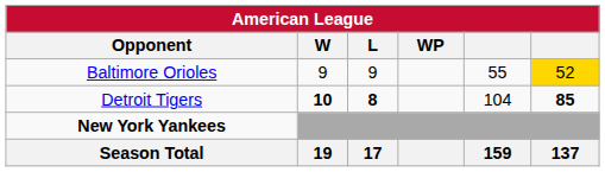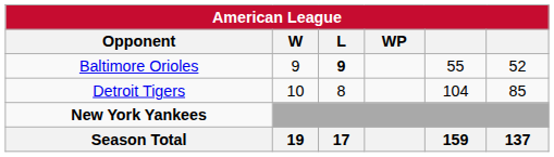 <table class="wikitable" style="margin:1em auto; font-size:95%; text-align:center; width:35em;">
 <tr>
 <th colspan="7" style="background:#c60c30; color:#ffffff;">American League</th>
 </tr>
 <tr>
 <th>Opponent</th>
 <th>W</th>
 <th>L</th>
 <th>WP</th>
 <th></th>
 <th></th>
 </tr>
 <tr>
 <td><a href='#'>Baltimore Orioles</a></td>
 <td>9</td>
-<td>9</td>
+<td><strong>9</strong></td>
 <td></td>
 <td>55</td>
-<td style="background: gold;">52</td>
+<td>52</td>
 </tr>
 <tr>
 <td><a href='#'>Detroit Tigers</a></td>
-<td><strong>10</strong></td>
-<td><strong>8</strong></td>
+<td>10</td>
+<td>8</td>
 <td></td>
 <td>104</td>
-<td><strong>85</strong></td>
+<td>85</td>
 </tr>
 <tr>
 <td><strong>New York Yankees</strong></td>
 <td colspan=5 style="background:darkgray;"></td>
 </tr>
 <tr>
 <th>Season Total</th>
 <th>19</th>
 <th>17</th>
 <th></th>
 <th>159</th>
 <th>137</th>
 </tr>
 </table>
